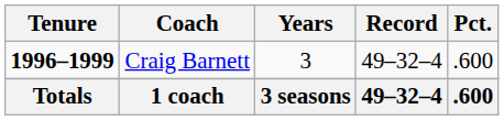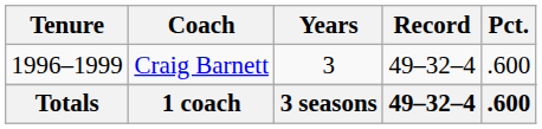 <table class= "wikitable">
 <tr>
 <th>Tenure</th>
 <th>Coach</th>
 <th>Years</th>
 <th>Record</th>
 <th>Pct.</th>
 </tr>
 <tr align="center">
-<td><strong>1996–1999</strong></td>
+<td>1996–1999</td>
 <td><a href='#'>Craig Barnett</a></td>
 <td>3</td>
 <td>49–32–4</td>
 <td>.600</td>
 </tr>
 <tr align="center">
 </tr>
 <tr align=center>
 <th>Totals</th>
 <th>1 coach</th>
 <th>3 seasons</th>
 <th>49–32–4</th>
 <th>.600</th>
 </tr>
 </table>
